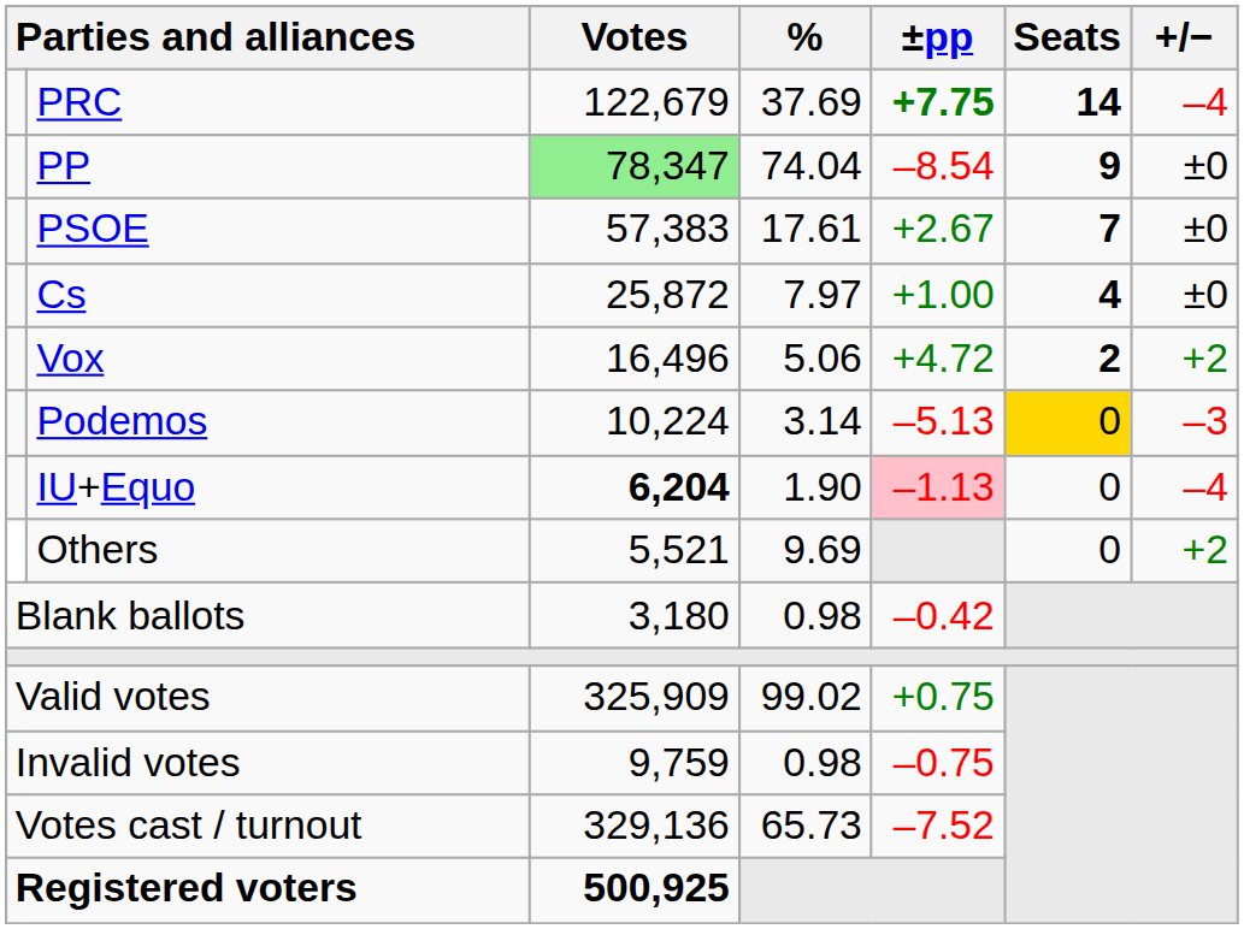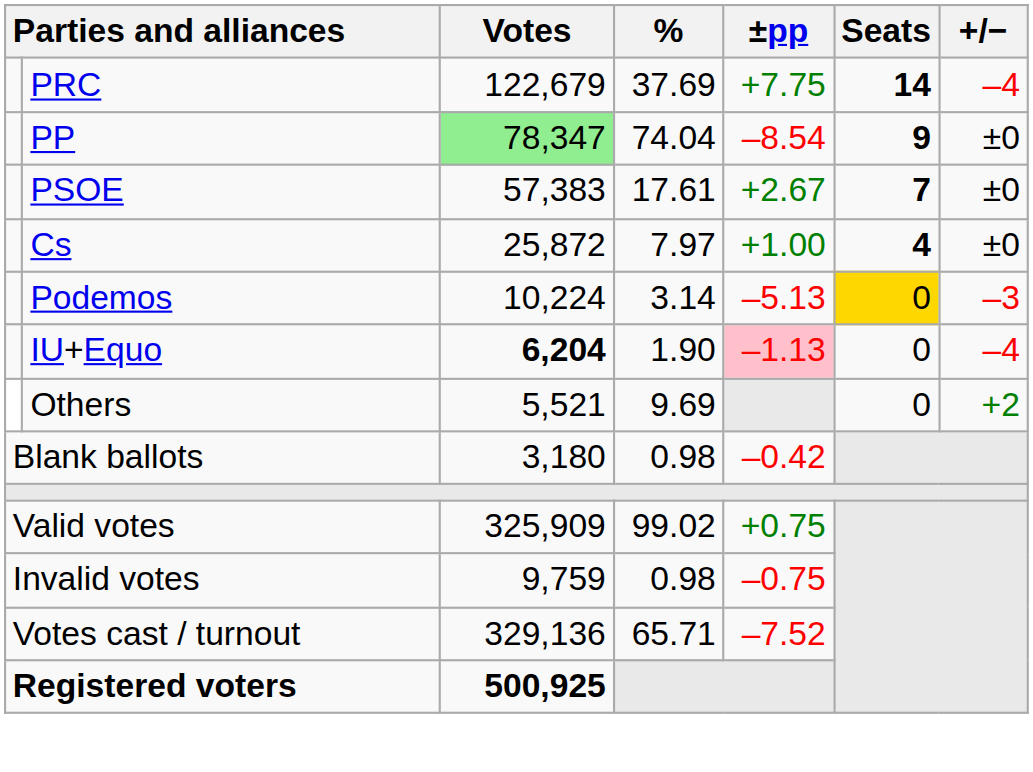 <table class="wikitable" style="text-align:right;">
 <tr>
 <th style="text-align:left;" colspan="2" width="200">Parties and alliances</th>
 <th width="75">Votes</th>
 <th width="45">%</th>
 <th width="45">±<a href='#'>pp</a></th>
 <th width="35">Seats</th>
 <th width="35">+/−</th>
 </tr>
 <tr>
 <td width="1" style="color:inherit;background:"></td>
 <td align="left"><a href='#'>PRC</a></td>
 <td>122,679</td>
 <td>37.69</td>
-<td style="color:green;"><strong>+7.75</strong></td>
+<td style="color:green;">+7.75</td>
 <td><strong>14</strong></td>
 <td style="color:red;">–4</td>
 </tr>
 <tr>
 <td style="color:inherit;background:"></td>
 <td align="left"><a href='#'>PP</a></td>
 <td style="background: lightgreen;">78,347</td>
 <td>74.04</td>
 <td style="color:red;">–8.54</td>
 <td><strong>9</strong></td>
 <td>±0</td>
 </tr>
 <tr>
 <td style="color:inherit;background:"></td>
 <td align="left"><a href='#'>PSOE</a></td>
 <td>57,383</td>
 <td>17.61</td>
 <td style="color:green;">+2.67</td>
 <td><strong>7</strong></td>
 <td>±0</td>
 </tr>
 <tr>
 <td style="color:inherit;background:"></td>
 <td align="left"><a href='#'>Cs</a></td>
 <td>25,872</td>
 <td>7.97</td>
 <td style="color:green;">+1.00</td>
 <td><strong>4</strong></td>
 <td>±0</td>
-</tr>
-<tr>
-<td style="color:inherit;background:"></td>
-<td align="left"><a href='#'>Vox</a></td>
-<td>16,496</td>
-<td>5.06</td>
-<td style="color:green;">+4.72</td>
-<td><strong>2</strong></td>
-<td style="color:green;">+2</td>
 </tr>
 <tr>
 <td style="color:inherit;background:"></td>
 <td align="left"><a href='#'>Podemos</a></td>
 <td>10,224</td>
 <td>3.14</td>
 <td style="color:red;">–5.13</td>
 <td style="background: gold;">0</td>
 <td style="color:red;">–3</td>
 </tr>
 <tr>
 <td style="color:inherit;background:"></td>
 <td align="left"><a href='#'>IU</a>+<a href='#'>Equo</a></td>
 <td><strong>6,204</strong></td>
 <td>1.90</td>
 <td style="background: pink; color:red;">–1.13</td>
 <td>0</td>
 <td style="color:red;">–4</td>
 </tr>
 <tr>
 <td bgcolor="white"></td>
 <td align="left">Others</td>
 <td>5,521</td>
 <td>9.69</td>
 <td bgcolor="#E9E9E9"></td>
 <td>0</td>
 <td style="color:green;">+2</td>
 </tr>
 <tr>
 <td align="left" colspan="2">Blank ballots</td>
 <td>3,180</td>
 <td>0.98</td>
 <td style="color:red;">–0.42</td>
 <td bgcolor="#E9E9E9" colspan="2"></td>
 </tr>
 <tr>
 <td colspan="7" bgcolor="#E9E9E9"></td>
 </tr>
 <tr>
 <td align="left" colspan="2">Valid votes</td>
 <td>325,909</td>
 <td>99.02</td>
 <td style="color:green;">+0.75</td>
 <td bgcolor="#E9E9E9" colspan="2" rowspan="4"></td>
 </tr>
 <tr>
 <td align="left" colspan="2">Invalid votes</td>
 <td>9,759</td>
 <td>0.98</td>
 <td style="color:red;">–0.75</td>
 </tr>
 <tr>
 <td align="left" colspan="2">Votes cast / turnout</td>
 <td>329,136</td>
-<td>65.73</td>
+<td>65.71</td>
 <td style="color:red;">–7.52</td>
 </tr>
 <tr style="font-weight:bold;">
 <td align="left" colspan="2">Registered voters</td>
 <td>500,925</td>
 <td bgcolor="#E9E9E9" colspan="2"></td>
 </tr>
 </table>
